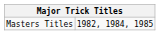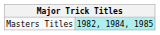 <table class="wikitable">
 <tr>
 <th colspan="2">Major Trick Titles</th>
 </tr>
 <tr>
 <td>Masters Titles</td>
-<td>1982, 1984, 1985</td>
+<td style="background: paleturquoise;">1982, 1984, 1985</td>
 </tr>
 </table>
